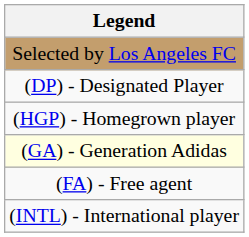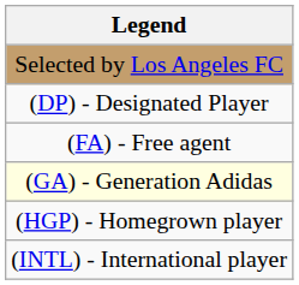 <table class="wikitable" style="text-align: center; font-size:95%">
 <tr>
 <th style="background-color: #F2F2F2; border: 1px solid #AAAAAA;" colspan="1">Legend</th>
 </tr>
 <tr style="text-align: center">
 <td style="background: #C39E6D">Selected by <a href='#'>Los Angeles FC</a></td>
 </tr>
 <tr>
 <td>(<a href='#'>DP</a>) - Designated Player</td>
 </tr>
 <tr>
-<td>(<a href='#'>HGP</a>) - Homegrown player</td>
+<td>(<a href='#'>FA</a>) - Free agent</td>
 </tr>
 <tr>
 <td style="background: lightyellow;">(<a href='#'>GA</a>) - Generation Adidas</td>
 </tr>
 <tr>
-<td>(<a href='#'>FA</a>) - Free agent</td>
+<td>(<a href='#'>HGP</a>) - Homegrown player</td>
 </tr>
 <tr>
 <td>(<a href='#'>INTL</a>) - International player</td>
 </tr>
 </table>
